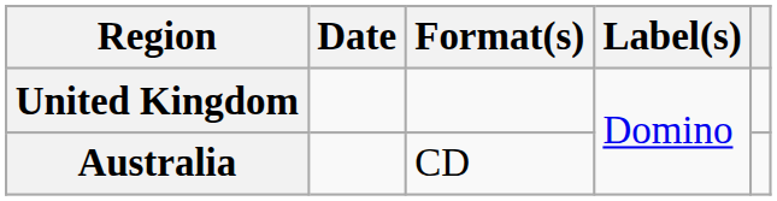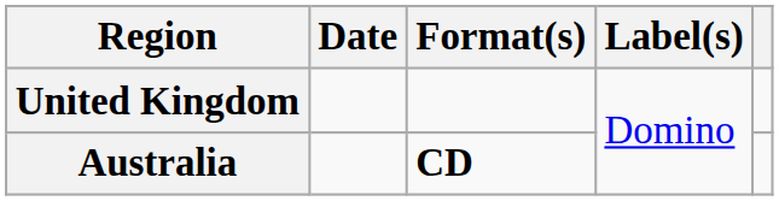 <table class="wikitable plainrowheaders">
 <tr>
 <th scope="col">Region</th>
 <th scope="col">Date</th>
 <th scope="col">Format(s)</th>
 <th scope="col">Label(s)</th>
 <th scope="col"></th>
 </tr>
 <tr>
 <th scope="row">United Kingdom</th>
 <td></td>
 <td></td>
 <td rowspan="2"><a href='#'>Domino</a></td>
 <td></td>
 </tr>
 <tr>
 <th scope="row">Australia</th>
 <td></td>
-<td>CD</td>
+<td><strong>CD</strong></td>
 <td></td>
 </tr>
 </table>
